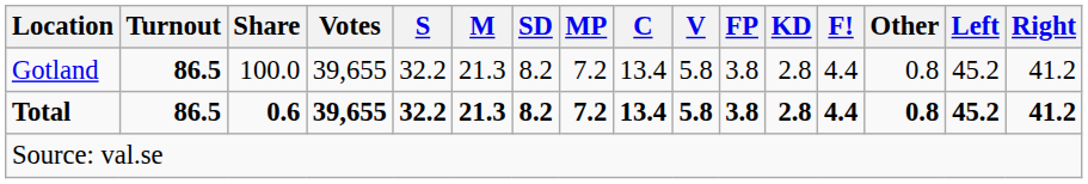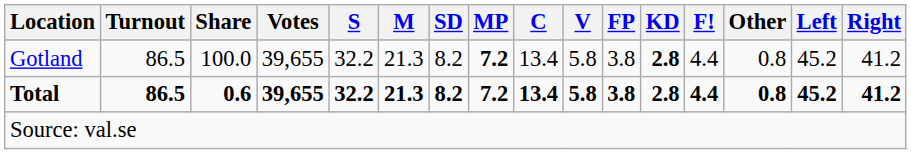 <table class="wikitable sortable" style=text-align:right>
 <tr>
 <th>Location</th>
 <th>Turnout</th>
 <th>Share</th>
 <th>Votes</th>
 <th><a href='#'>S</a></th>
 <th><a href='#'>M</a></th>
 <th><a href='#'>SD</a></th>
 <th><a href='#'>MP</a></th>
 <th><a href='#'>C</a></th>
 <th><a href='#'>V</a></th>
 <th><a href='#'>FP</a></th>
 <th><a href='#'>KD</a></th>
 <th><a href='#'>F!</a></th>
 <th>Other</th>
 <th><a href='#'>Left</a></th>
 <th><a href='#'>Right</a></th>
 </tr>
 <tr>
 <td align=left><a href='#'>Gotland</a></td>
-<td><strong>86.5</strong></td>
+<td>86.5</td>
 <td>100.0</td>
 <td>39,655</td>
 <td>32.2</td>
 <td>21.3</td>
 <td>8.2</td>
-<td>7.2</td>
+<td><strong>7.2</strong></td>
 <td>13.4</td>
 <td>5.8</td>
 <td>3.8</td>
-<td>2.8</td>
+<td><strong>2.8</strong></td>
 <td>4.4</td>
 <td>0.8</td>
 <td>45.2</td>
 <td>41.2</td>
 </tr>
 <tr>
 <td align=left><strong>Total</strong></td>
 <td><strong>86.5</strong></td>
 <td><strong>0.6</strong></td>
 <td><strong>39,655</strong></td>
 <td><strong>32.2</strong></td>
 <td><strong>21.3</strong></td>
 <td><strong>8.2</strong></td>
 <td><strong>7.2</strong></td>
 <td><strong>13.4</strong></td>
 <td><strong>5.8</strong></td>
 <td><strong>3.8</strong></td>
 <td><strong>2.8</strong></td>
 <td><strong>4.4</strong></td>
 <td><strong>0.8</strong></td>
 <td><strong>45.2</strong></td>
 <td><strong>41.2</strong></td>
 </tr>
 <tr>
 <td align=left colspan=16>Source: val.se </td>
 </tr>
 </table>
